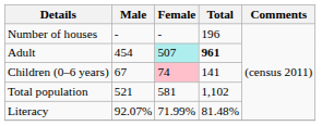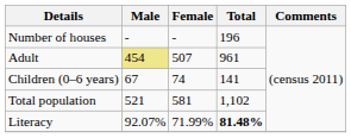 <table class="wikitable sortable">
 <tr>
 <th>Details</th>
 <th>Male</th>
 <th>Female</th>
 <th>Total</th>
 <th>Comments</th>
 </tr>
 <tr>
 <td>Number of houses</td>
 <td>-</td>
 <td>-</td>
 <td>196</td>
 <td rowspan="5">(census 2011) </td>
 </tr>
 <tr>
 <td>Adult</td>
-<td>454</td>
-<td style="background: paleturquoise;">507</td>
-<td><strong>961</strong></td>
+<td style="background: khaki;">454</td>
+<td>507</td>
+<td>961</td>
 </tr>
 <tr>
 <td>Children (0–6 years)</td>
 <td>67</td>
-<td style="background: pink;">74</td>
+<td>74</td>
 <td>141</td>
 </tr>
 <tr>
 <td>Total population</td>
 <td>521</td>
 <td>581</td>
 <td>1,102</td>
 </tr>
 <tr>
 <td>Literacy</td>
 <td>92.07%</td>
 <td>71.99%</td>
-<td>81.48%</td>
+<td><strong>81.48%</strong></td>
 </tr>
 <tr>
 </tr>
 </table>
